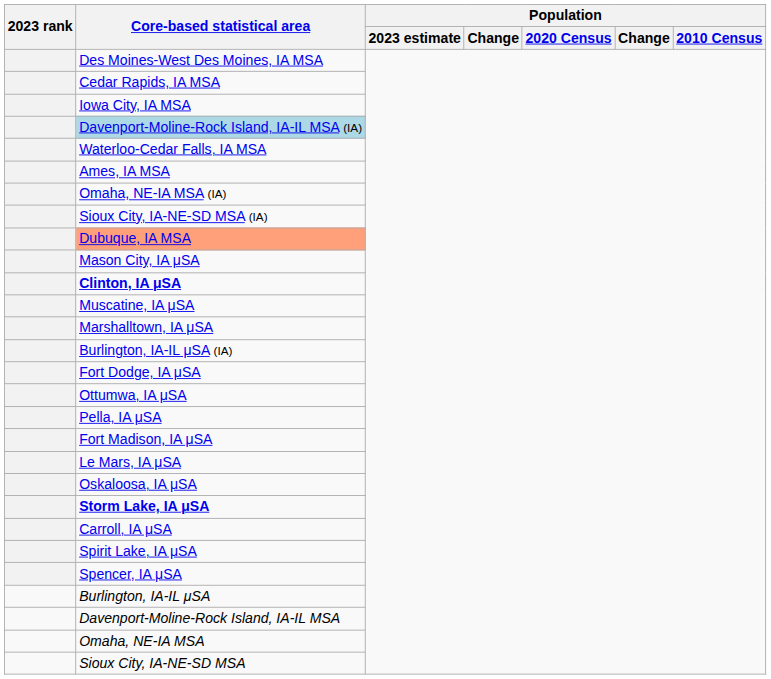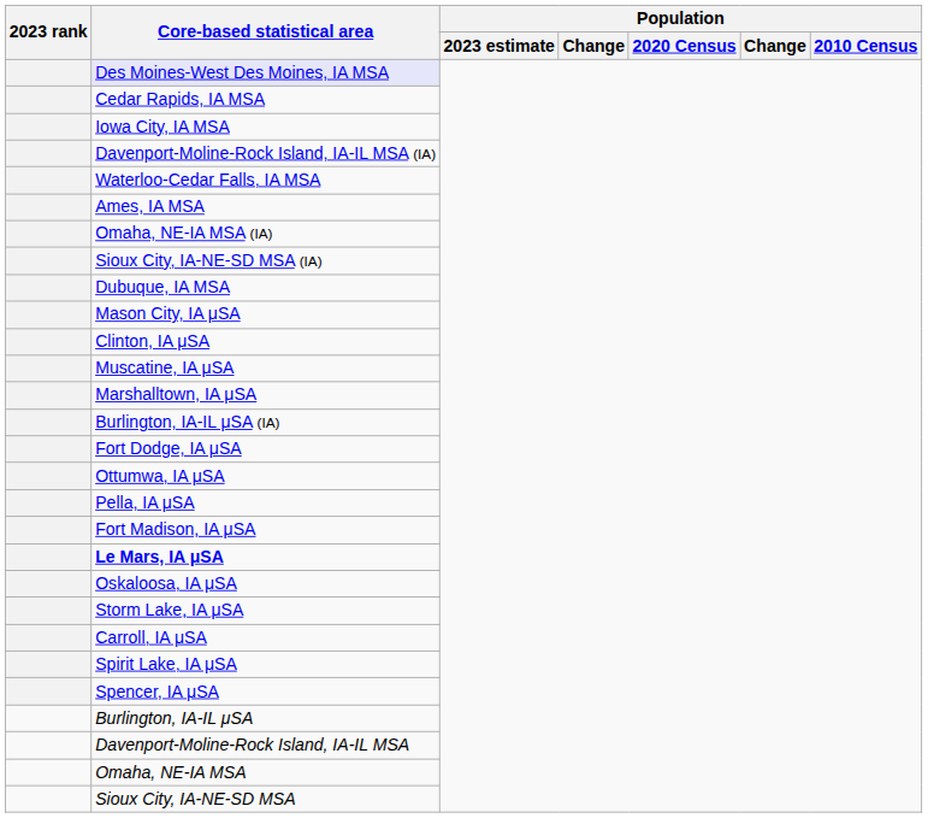 <table class="wikitable sortable">
 <tr>
 <th scope=col rowspan=2>2023 rank</th>
 <th scope=col rowspan=2><a href='#'>Core-based statistical area</a></th>
 <th colspan=5>Population</th>
 </tr>
 <tr>
 <th scope=col>2023 estimate</th>
 <th scope=col>Change</th>
 <th scope=col><a href='#'>2020 Census</a></th>
 <th scope=col>Change</th>
 <th scope=col><a href='#'>2010 Census</a></th>
 </tr>
 <tr>
 <th scope=row></th>
-<td><a href='#'>Des Moines-West Des Moines, IA MSA</a><br></td>
+<td style="background: lavender;"><a href='#'>Des Moines-West Des Moines, IA MSA</a><br></td>
 </tr>
 <tr>
 <th scope=row></th>
 <td><a href='#'>Cedar Rapids, IA MSA</a><br></td>
 </tr>
 <tr>
 <th scope=row></th>
 <td><a href='#'>Iowa City, IA MSA</a><br></td>
 </tr>
 <tr>
 <th scope=row></th>
-<td style="background: lightblue;"><a href='#'>Davenport-Moline-Rock Island, IA-IL MSA</a> <small>(IA)</small><br></td>
+<td><a href='#'>Davenport-Moline-Rock Island, IA-IL MSA</a> <small>(IA)</small><br></td>
 </tr>
 <tr>
 <th scope=row></th>
 <td><a href='#'>Waterloo-Cedar Falls, IA MSA</a><br></td>
 </tr>
 <tr>
 <th scope=row></th>
 <td><a href='#'>Ames, IA MSA</a><br></td>
 </tr>
 <tr>
 <th scope=row></th>
 <td><a href='#'>Omaha, NE-IA MSA</a> <small>(IA)</small><br></td>
 </tr>
 <tr>
 <th scope=row></th>
 <td><a href='#'>Sioux City, IA-NE-SD MSA</a> <small>(IA)</small><br></td>
 </tr>
 <tr>
 <th scope=row></th>
-<td style="background: lightsalmon;"><a href='#'>Dubuque, IA MSA</a><br></td>
+<td><a href='#'>Dubuque, IA MSA</a><br></td>
 </tr>
 <tr>
 <th scope=row></th>
 <td><a href='#'>Mason City, IA μSA</a><br></td>
 </tr>
 <tr>
 <th scope=row></th>
-<td><strong><a href='#'>Clinton, IA μSA</a><br></strong></td>
+<td><a href='#'>Clinton, IA μSA</a><br></td>
 </tr>
 <tr>
 <th scope=row></th>
 <td><a href='#'>Muscatine, IA μSA</a><br></td>
 </tr>
 <tr>
 <th scope=row></th>
 <td><a href='#'>Marshalltown, IA μSA</a><br></td>
 </tr>
 <tr>
 <th scope=row></th>
 <td><a href='#'>Burlington, IA-IL μSA</a> <small>(IA)</small><br></td>
 </tr>
 <tr>
 <th scope=row></th>
 <td><a href='#'>Fort Dodge, IA μSA</a><br></td>
 </tr>
 <tr>
 <th scope=row></th>
 <td><a href='#'>Ottumwa, IA μSA</a><br></td>
 </tr>
 <tr>
 <th scope=row></th>
 <td><a href='#'>Pella, IA μSA</a><br></td>
 </tr>
 <tr>
 <th scope=row></th>
 <td><a href='#'>Fort Madison, IA μSA</a><br></td>
 </tr>
 <tr>
 <th scope=row></th>
-<td><a href='#'>Le Mars, IA μSA</a><br></td>
+<td><strong><a href='#'>Le Mars, IA μSA</a><br></strong></td>
 </tr>
 <tr>
 <th scope=row></th>
 <td><a href='#'>Oskaloosa, IA μSA</a><br></td>
 </tr>
 <tr>
 <th scope=row></th>
-<td><strong><a href='#'>Storm Lake, IA μSA</a><br></strong></td>
+<td><a href='#'>Storm Lake, IA μSA</a><br></td>
 </tr>
 <tr>
 <th scope=row></th>
 <td><a href='#'>Carroll, IA μSA</a><br></td>
 </tr>
 <tr>
 <th scope=row></th>
 <td><a href='#'>Spirit Lake, IA μSA</a><br></td>
 </tr>
 <tr>
 <th scope=row></th>
 <td><a href='#'>Spencer, IA μSA</a><br></td>
 </tr>
 <tr>
 <td></td>
 <td><em><span>Burlington, IA-IL μSA</span></em><br></td>
 </tr>
 <tr>
 <td></td>
 <td><em><span>Davenport-Moline-Rock Island, IA-IL MSA</span></em><br></td>
 </tr>
 <tr>
 <td></td>
 <td><em><span>Omaha, NE-IA MSA</span></em><br></td>
 </tr>
 <tr>
 <td></td>
 <td><em><span>Sioux City, IA-NE-SD MSA</span></em><br></td>
 </tr>
 </table>
